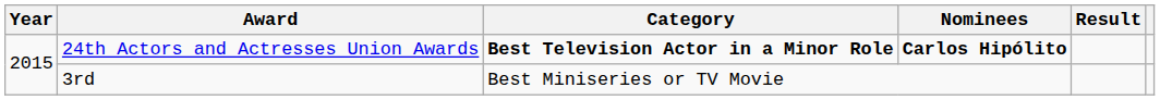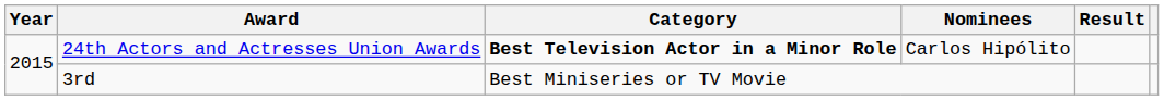 <table class="wikitable sortable plainrowheaders">
 <tr>
 <th>Year</th>
 <th>Award</th>
 <th>Category</th>
 <th>Nominees</th>
 <th>Result</th>
 <th scope="col" class="unsortable"></th>
 </tr>
 <tr>
 <td align = "center" rowspan = "2">2015</td>
 <td><a href='#'>24th Actors and Actresses Union Awards</a></td>
 <td><strong>Best Television Actor in a Minor Role</strong></td>
-<td><strong>Carlos Hipólito</strong></td>
+<td>Carlos Hipólito</td>
 <td></td>
 <td align = "center"></td>
 </tr>
 <tr>
 <td>3rd </td>
 <td colspan = 2>Best Miniseries or TV Movie</td>
 <td></td>
 <td align = "center"></td>
 </tr>
 </table>
